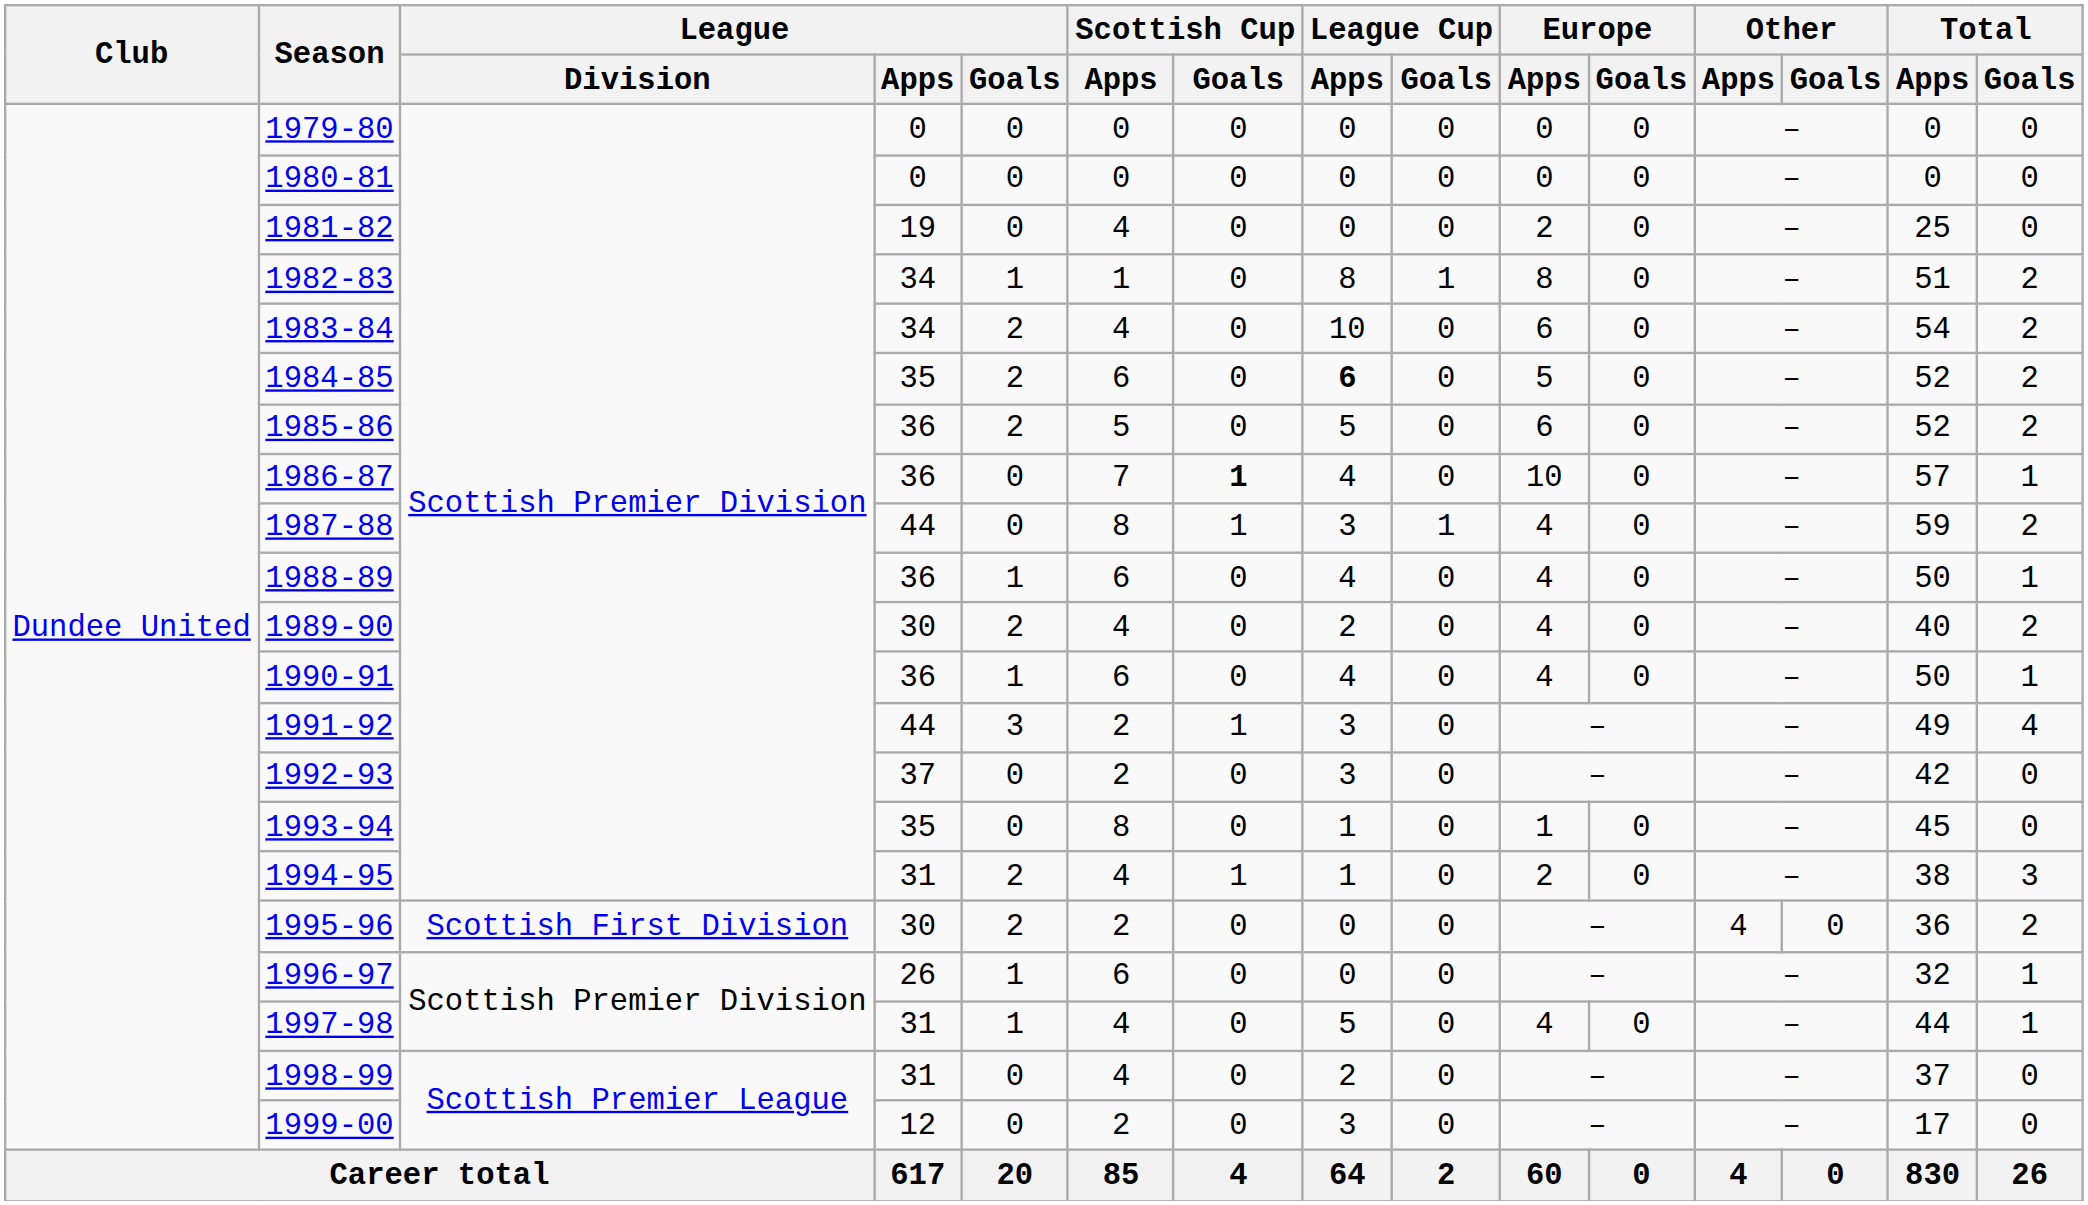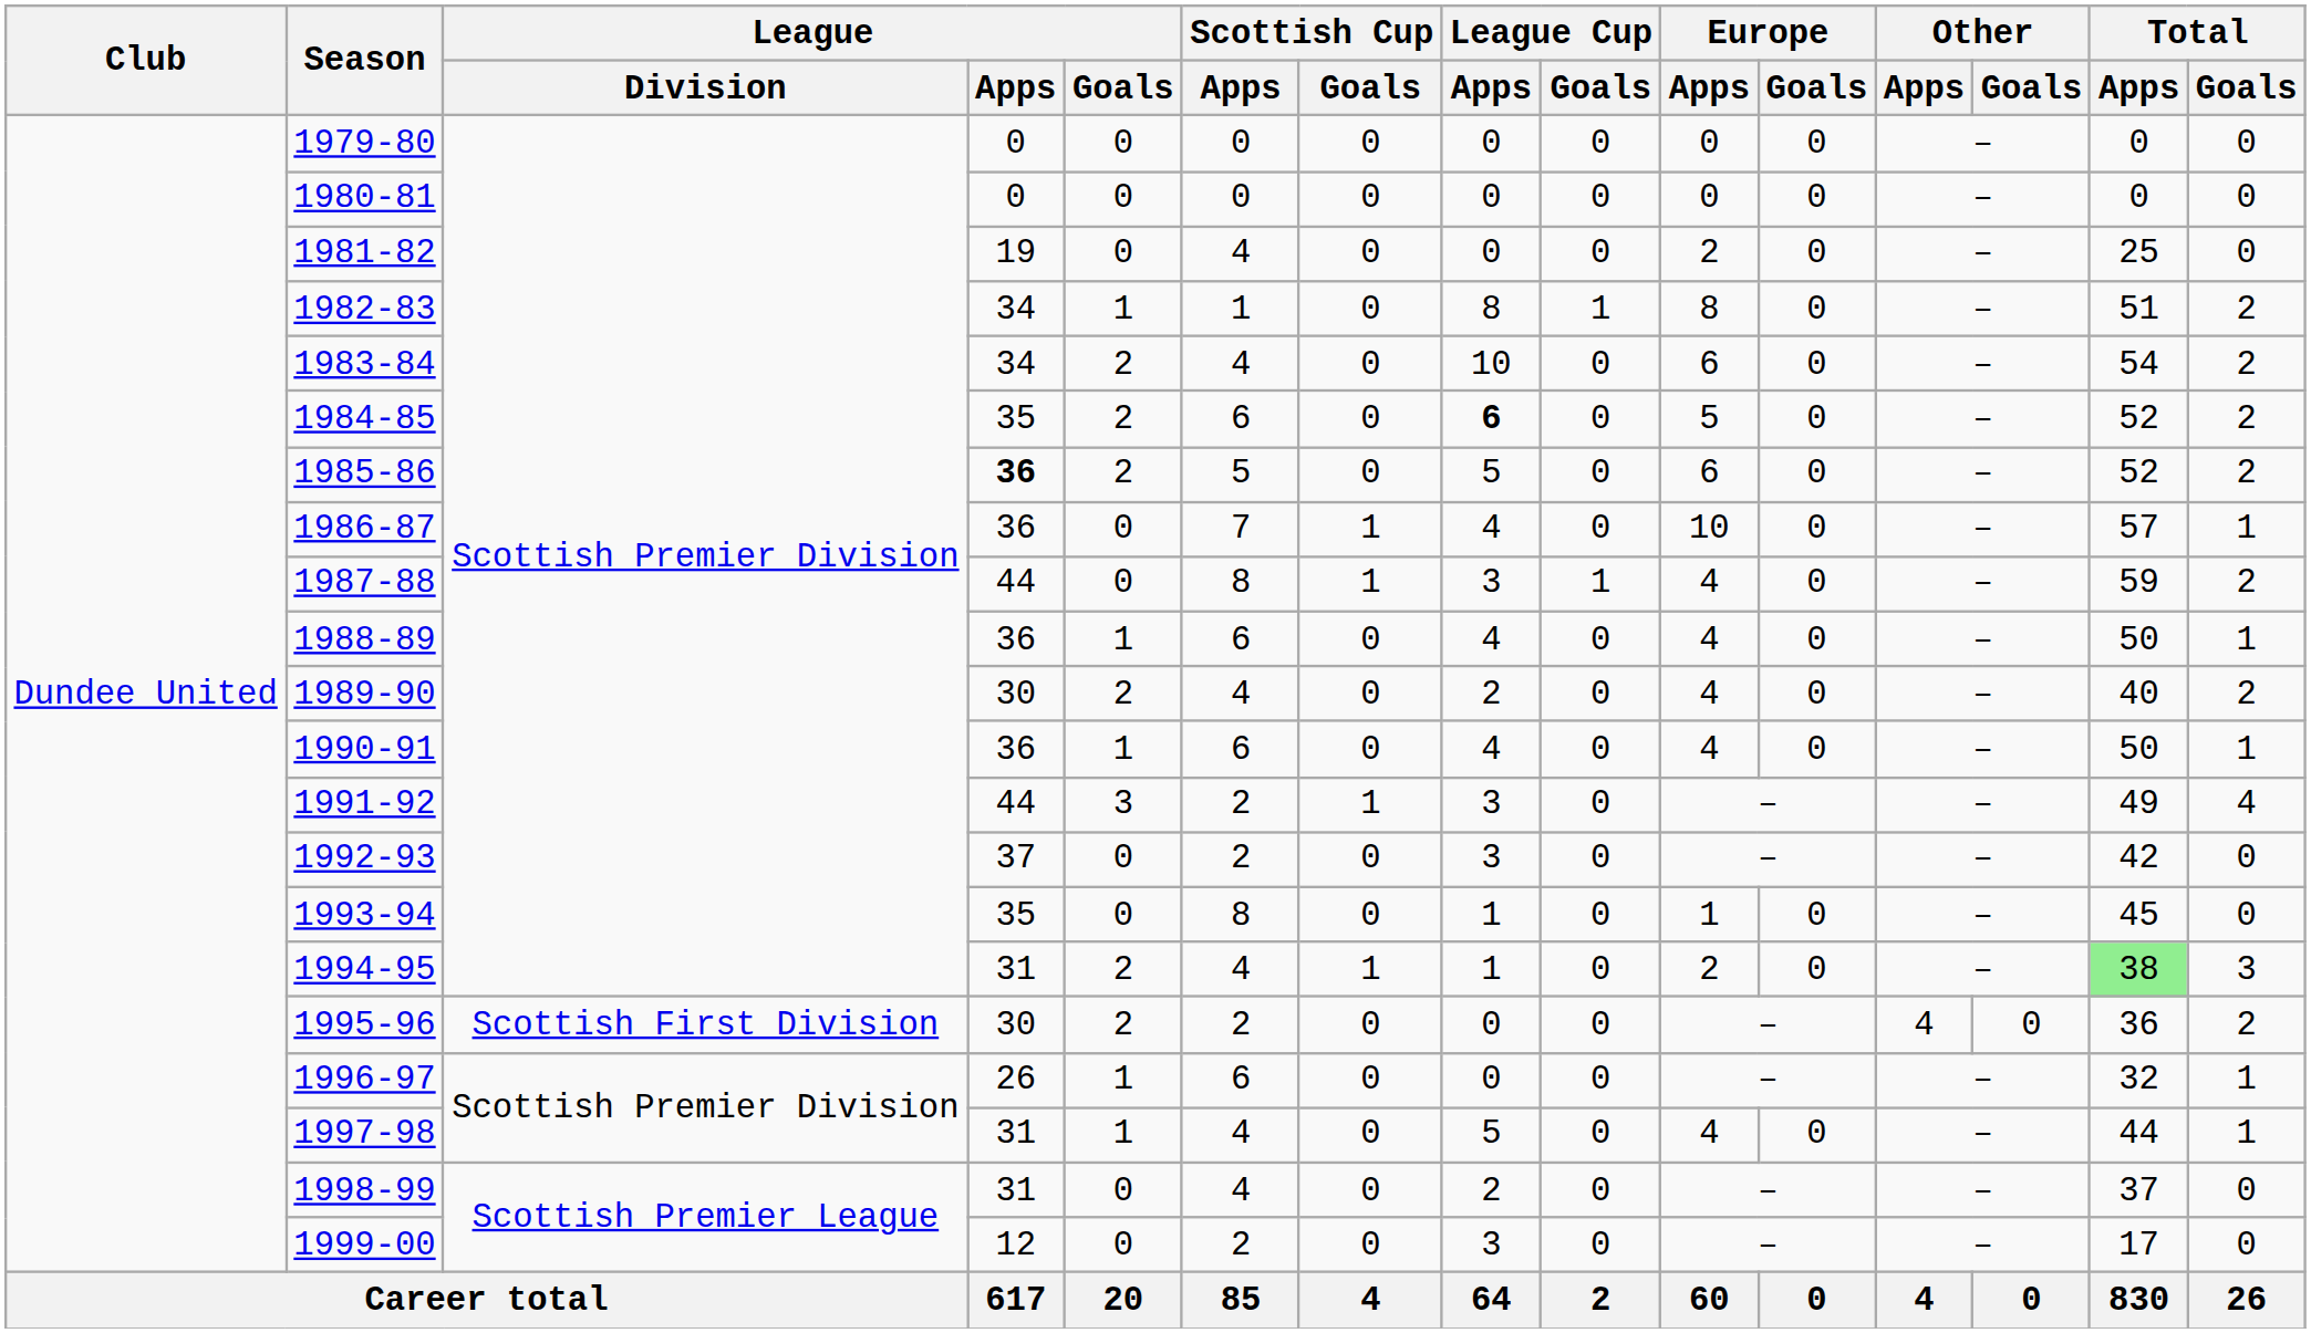 <table class="wikitable" style="text-align:center">
 <tr>
 <th rowspan="2">Club</th>
 <th rowspan="2">Season</th>
 <th colspan="3">League</th>
 <th colspan="2">Scottish Cup</th>
 <th colspan="2">League Cup</th>
 <th colspan="2">Europe</th>
 <th colspan="2">Other</th>
 <th colspan="2">Total</th>
 </tr>
 <tr>
 <th>Division</th>
 <th>Apps</th>
 <th>Goals</th>
 <th>Apps</th>
 <th>Goals</th>
 <th>Apps</th>
 <th>Goals</th>
 <th>Apps</th>
 <th>Goals</th>
 <th>Apps</th>
 <th>Goals</th>
 <th>Apps</th>
 <th>Goals</th>
 </tr>
 <tr>
 <td rowspan="21"><a href='#'>Dundee United</a></td>
 <td><a href='#'>1979-80</a></td>
 <td rowspan="16"><a href='#'>Scottish Premier Division</a></td>
 <td>0</td>
 <td>0</td>
 <td>0</td>
 <td>0</td>
 <td>0</td>
 <td>0</td>
 <td>0</td>
 <td>0</td>
 <td colspan="2">–</td>
 <td>0</td>
 <td>0</td>
 </tr>
 <tr>
 <td><a href='#'>1980-81</a></td>
 <td>0</td>
 <td>0</td>
 <td>0</td>
 <td>0</td>
 <td>0</td>
 <td>0</td>
 <td>0</td>
 <td>0</td>
 <td colspan="2">–</td>
 <td>0</td>
 <td>0</td>
 </tr>
 <tr>
 <td><a href='#'>1981-82</a></td>
 <td>19</td>
 <td>0</td>
 <td>4</td>
 <td>0</td>
 <td>0</td>
 <td>0</td>
 <td>2</td>
 <td>0</td>
 <td colspan="2">–</td>
 <td>25</td>
 <td>0</td>
 </tr>
 <tr>
 <td><a href='#'>1982-83</a></td>
 <td>34</td>
 <td>1</td>
 <td>1</td>
 <td>0</td>
 <td>8</td>
 <td>1</td>
 <td>8</td>
 <td>0</td>
 <td colspan="2">–</td>
 <td>51</td>
 <td>2</td>
 </tr>
 <tr>
 <td><a href='#'>1983-84</a></td>
 <td>34</td>
 <td>2</td>
 <td>4</td>
 <td>0</td>
 <td>10</td>
 <td>0</td>
 <td>6</td>
 <td>0</td>
 <td colspan="2">–</td>
 <td>54</td>
 <td>2</td>
 </tr>
 <tr>
 <td><a href='#'>1984-85</a></td>
 <td>35</td>
 <td>2</td>
 <td>6</td>
 <td>0</td>
 <td><strong>6</strong></td>
 <td>0</td>
 <td>5</td>
 <td>0</td>
 <td colspan="2">–</td>
 <td>52</td>
 <td>2</td>
 </tr>
 <tr>
 <td><a href='#'>1985-86</a></td>
-<td>36</td>
+<td><strong>36</strong></td>
 <td>2</td>
 <td>5</td>
 <td>0</td>
 <td>5</td>
 <td>0</td>
 <td>6</td>
 <td>0</td>
 <td colspan="2">–</td>
 <td>52</td>
 <td>2</td>
 </tr>
 <tr>
 <td><a href='#'>1986-87</a></td>
 <td>36</td>
 <td>0</td>
 <td>7</td>
-<td><strong>1</strong></td>
+<td>1</td>
 <td>4</td>
 <td>0</td>
 <td>10</td>
 <td>0</td>
 <td colspan="2">–</td>
 <td>57</td>
 <td>1</td>
 </tr>
 <tr>
 <td><a href='#'>1987-88</a></td>
 <td>44</td>
 <td>0</td>
 <td>8</td>
 <td>1</td>
 <td>3</td>
 <td>1</td>
 <td>4</td>
 <td>0</td>
 <td colspan="2">–</td>
 <td>59</td>
 <td>2</td>
 </tr>
 <tr>
 <td><a href='#'>1988-89</a></td>
 <td>36</td>
 <td>1</td>
 <td>6</td>
 <td>0</td>
 <td>4</td>
 <td>0</td>
 <td>4</td>
 <td>0</td>
 <td colspan="2">–</td>
 <td>50</td>
 <td>1</td>
 </tr>
 <tr>
 <td><a href='#'>1989-90</a></td>
 <td>30</td>
 <td>2</td>
 <td>4</td>
 <td>0</td>
 <td>2</td>
 <td>0</td>
 <td>4</td>
 <td>0</td>
 <td colspan="2">–</td>
 <td>40</td>
 <td>2</td>
 </tr>
 <tr>
 <td><a href='#'>1990-91</a></td>
 <td>36</td>
 <td>1</td>
 <td>6</td>
 <td>0</td>
 <td>4</td>
 <td>0</td>
 <td>4</td>
 <td>0</td>
 <td colspan="2">–</td>
 <td>50</td>
 <td>1</td>
 </tr>
 <tr>
 <td><a href='#'>1991-92</a></td>
 <td>44</td>
 <td>3</td>
 <td>2</td>
 <td>1</td>
 <td>3</td>
 <td>0</td>
 <td colspan="2">–</td>
 <td colspan="2">–</td>
 <td>49</td>
 <td>4</td>
 </tr>
 <tr>
 <td><a href='#'>1992-93</a></td>
 <td>37</td>
 <td>0</td>
 <td>2</td>
 <td>0</td>
 <td>3</td>
 <td>0</td>
 <td colspan="2">–</td>
 <td colspan="2">–</td>
 <td>42</td>
 <td>0</td>
 </tr>
 <tr>
 <td><a href='#'>1993-94</a></td>
 <td>35</td>
 <td>0</td>
 <td>8</td>
 <td>0</td>
 <td>1</td>
 <td>0</td>
 <td>1</td>
 <td>0</td>
 <td colspan="2">–</td>
 <td>45</td>
 <td>0</td>
 </tr>
 <tr>
 <td><a href='#'>1994-95</a></td>
 <td>31</td>
 <td>2</td>
 <td>4</td>
 <td>1</td>
 <td>1</td>
 <td>0</td>
 <td>2</td>
 <td>0</td>
 <td colspan="2">–</td>
-<td>38</td>
+<td style="background: lightgreen;">38</td>
 <td>3</td>
 </tr>
 <tr>
 <td><a href='#'>1995-96</a></td>
 <td><a href='#'>Scottish First Division</a></td>
 <td>30</td>
 <td>2</td>
 <td>2</td>
 <td>0</td>
 <td>0</td>
 <td>0</td>
 <td colspan="2">–</td>
 <td>4</td>
 <td>0</td>
 <td>36</td>
 <td>2</td>
 </tr>
 <tr>
 <td><a href='#'>1996-97</a></td>
 <td rowspan="2">Scottish Premier Division</td>
 <td>26</td>
 <td>1</td>
 <td>6</td>
 <td>0</td>
 <td>0</td>
 <td>0</td>
 <td colspan="2">–</td>
 <td colspan="2">–</td>
 <td>32</td>
 <td>1</td>
 </tr>
 <tr>
 <td><a href='#'>1997-98</a></td>
 <td>31</td>
 <td>1</td>
 <td>4</td>
 <td>0</td>
 <td>5</td>
 <td>0</td>
 <td>4</td>
 <td>0</td>
 <td colspan="2">–</td>
 <td>44</td>
 <td>1</td>
 </tr>
 <tr>
 <td><a href='#'>1998-99</a></td>
 <td rowspan="2"><a href='#'>Scottish Premier League</a></td>
 <td>31</td>
 <td>0</td>
 <td>4</td>
 <td>0</td>
 <td>2</td>
 <td>0</td>
 <td colspan="2">–</td>
 <td colspan="2">–</td>
 <td>37</td>
 <td>0</td>
 </tr>
 <tr>
 <td><a href='#'>1999-00</a></td>
 <td>12</td>
 <td>0</td>
 <td>2</td>
 <td>0</td>
 <td>3</td>
 <td>0</td>
 <td colspan="2">–</td>
 <td colspan="2">–</td>
 <td>17</td>
 <td>0</td>
 </tr>
 <tr>
 <th colspan="3">Career total</th>
 <th>617</th>
 <th>20</th>
 <th>85</th>
 <th>4</th>
 <th>64</th>
 <th>2</th>
 <th>60</th>
 <th>0</th>
 <th>4</th>
 <th>0</th>
 <th>830</th>
 <th>26</th>
 </tr>
 </table>
